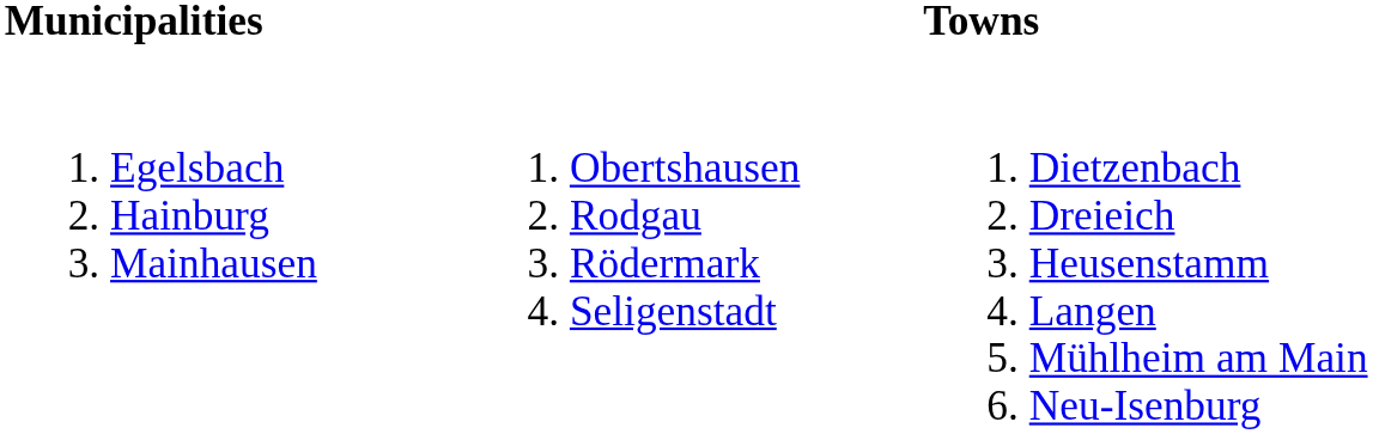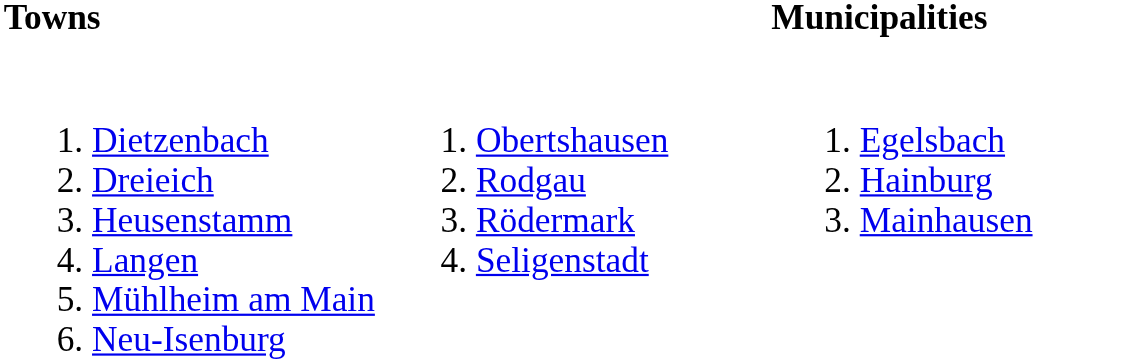 <table>
 <tr>
+<th align=left width=33%>Towns</th>
+<th align=left width=33%></th>
 <th align=left width=33%>Municipalities</th>
-<th align=left width=33%></th>
-<th align=left width=33%>Towns</th>
 </tr>
 <tr valign=top>
+<td><br><ol><li><a href='#'>Dietzenbach</a></li><li><a href='#'>Dreieich</a></li><li><a href='#'>Heusenstamm</a></li><li><a href='#'>Langen</a></li><li><a href='#'>Mühlheim am Main</a></li><li><a href='#'>Neu-Isenburg</a></li></ol></td>
+<td><br><ol> <li> <a href='#'>Obertshausen</a> <li> <a href='#'>Rodgau</a> <li> <a href='#'>Rödermark</a> <li> <a href='#'>Seligenstadt</a> </ol></td>
 <td><br><ol><li><a href='#'>Egelsbach</a></li><li><a href='#'>Hainburg</a></li><li><a href='#'>Mainhausen</a></li></ol></td>
-<td><br><ol> <li> <a href='#'>Obertshausen</a> <li> <a href='#'>Rodgau</a> <li> <a href='#'>Rödermark</a> <li> <a href='#'>Seligenstadt</a> </ol></td>
-<td><br><ol><li><a href='#'>Dietzenbach</a></li><li><a href='#'>Dreieich</a></li><li><a href='#'>Heusenstamm</a></li><li><a href='#'>Langen</a></li><li><a href='#'>Mühlheim am Main</a></li><li><a href='#'>Neu-Isenburg</a></li></ol></td>
 </tr>
 </table>
